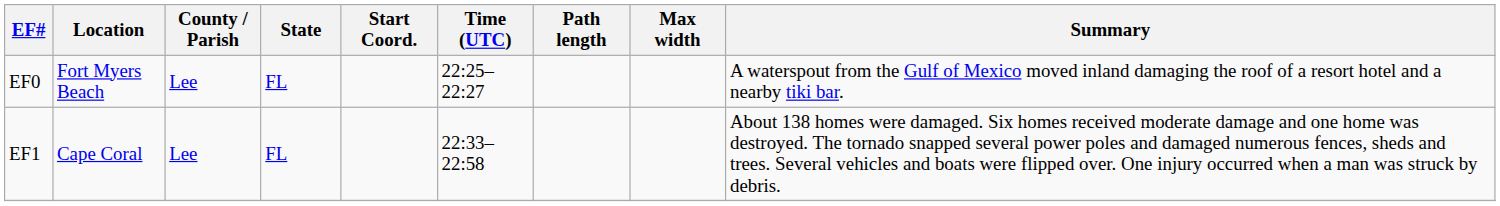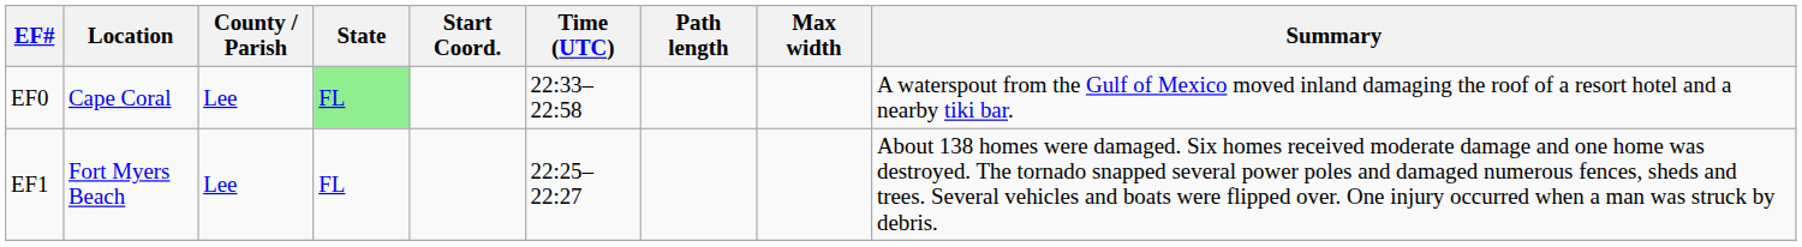 <table class="wikitable sortable" style="width:100%;">
 <tr>
 <th scope="col"  style="width:3%; text-align:center;"><a href='#'>EF#</a></th>
 <th scope="col"  style="width:7%; text-align:center;" class="unsortable">Location</th>
 <th scope="col"  style="width:6%; text-align:center;" class="unsortable">County / Parish</th>
 <th scope="col"  style="width:5%; text-align:center;">State</th>
 <th scope="col"  style="width:6%; text-align:center;">Start Coord.</th>
 <th scope="col"  style="width:6%; text-align:center;">Time (<a href='#'>UTC</a>)</th>
 <th scope="col"  style="width:6%; text-align:center;">Path length</th>
 <th scope="col"  style="width:6%; text-align:center;">Max width</th>
 <th scope="col" class="unsortable" style="width:48%; text-align:center;">Summary</th>
 </tr>
 <tr>
 <td>EF0</td>
+<td><a href='#'>Cape Coral</a></td>
+<td><a href='#'>Lee</a></td>
+<td style="background: lightgreen;"><a href='#'>FL</a></td>
+<td></td>
+<td>22:33–22:58</td>
+<td></td>
+<td></td>
+<td>A waterspout from the <a href='#'>Gulf of Mexico</a> moved inland damaging the roof of a resort hotel and a nearby <a href='#'>tiki bar</a>.</td>
+</tr>
+<tr>
+<td>EF1</td>
 <td><a href='#'>Fort Myers Beach</a></td>
 <td><a href='#'>Lee</a></td>
 <td><a href='#'>FL</a></td>
 <td></td>
 <td>22:25–22:27</td>
 <td></td>
 <td></td>
-<td>A waterspout from the <a href='#'>Gulf of Mexico</a> moved inland damaging the roof of a resort hotel and a nearby <a href='#'>tiki bar</a>.</td>
-</tr>
-<tr>
-<td>EF1</td>
-<td><a href='#'>Cape Coral</a></td>
-<td><a href='#'>Lee</a></td>
-<td><a href='#'>FL</a></td>
-<td></td>
-<td>22:33–22:58</td>
-<td></td>
-<td></td>
 <td>About 138 homes were damaged. Six homes received moderate damage and one home was destroyed. The tornado snapped several power poles and damaged numerous fences, sheds and trees. Several vehicles and boats were flipped over. One injury occurred when a man was struck by debris.</td>
 </tr>
 <tr>
 </tr>
 </table>
